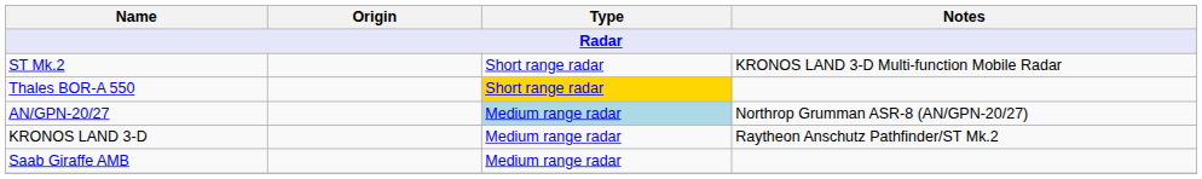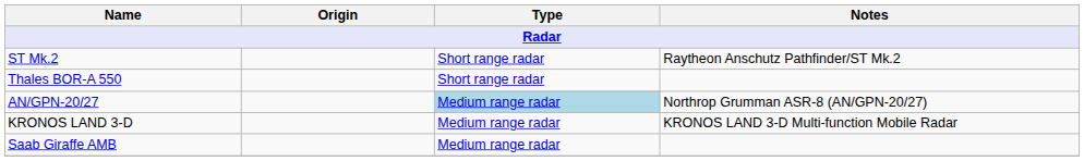 <table class="wikitable";" width="100%">
 <tr>
 <th style="text-align:center;"width="22%">Name</th>
 <th style="text-align: center;"width="18%">Origin</th>
 <th style="text-align:l center;"width="21%">Type</th>
 <th style="text-align: center;">Notes</th>
 </tr>
 <tr>
 <th style="align: centre; background: lavender;" colspan="7"><strong><a href='#'>Radar</a></strong></th>
 </tr>
 <tr>
 <td><a href='#'>ST Mk.2</a></td>
 <td><br></td>
 <td><a href='#'>Short range radar</a></td>
-<td>KRONOS LAND 3-D Multi-function Mobile Radar</td>
+<td>Raytheon Anschutz Pathfinder/ST Mk.2</td>
 </tr>
 <tr>
 <td><a href='#'>Thales BOR-A 550</a></td>
 <td></td>
-<td style="background: gold;"><a href='#'>Short range radar</a></td>
+<td><a href='#'>Short range radar</a></td>
 <td></td>
 </tr>
 <tr>
 <td><a href='#'>AN/GPN-20/27</a></td>
 <td></td>
 <td style="background: lightblue;"><a href='#'>Medium range radar</a></td>
 <td>Northrop Grumman ASR-8 (AN/GPN-20/27) </td>
 </tr>
 <tr>
 <td>KRONOS LAND 3-D</td>
 <td></td>
 <td><a href='#'>Medium range radar</a></td>
-<td>Raytheon Anschutz Pathfinder/ST Mk.2</td>
+<td>KRONOS LAND 3-D Multi-function Mobile Radar</td>
 </tr>
 <tr>
 <td><a href='#'>Saab Giraffe AMB</a></td>
 <td></td>
 <td><a href='#'>Medium range radar</a></td>
 <td></td>
 </tr>
 <tr>
 </tr>
 </table>
